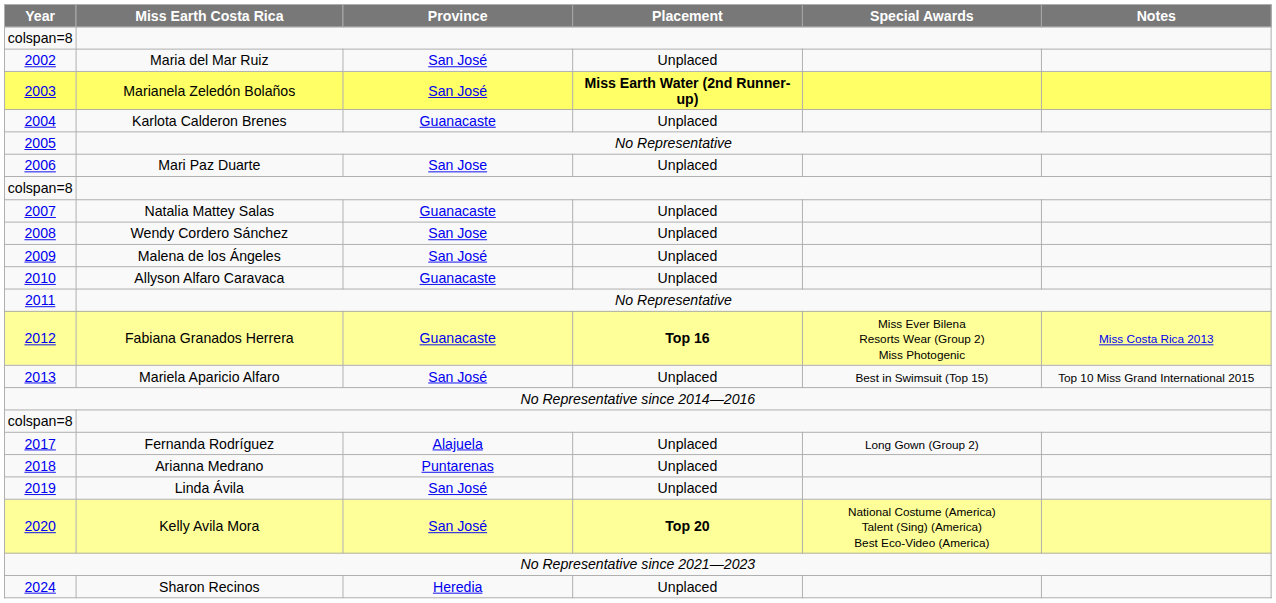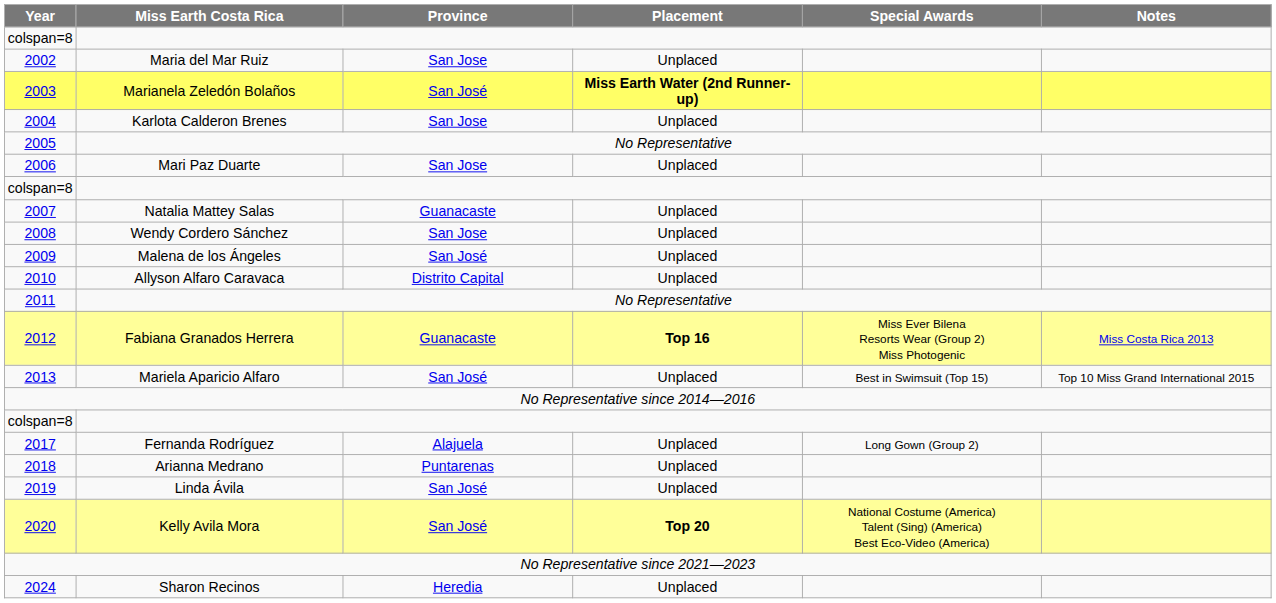 <table class="wikitable sortable" style="font-size: 95%; text-align:center">
 <tr>
 <th width="60" style="background-color:#787878;color:#FFFFFF;">Year</th>
 <th width="280" style="background-color:#787878;color:#FFFFFF;">Miss Earth Costa Rica</th>
 <th width="240" style="background-color:#787878;color:#FFFFFF;">Province</th>
 <th width="240" style="background-color:#787878;color:#FFFFFF;">Placement</th>
 <th width="250" style="background-color:#787878;color:#FFFFFF;">Special Awards</th>
 <th width="240" style="background-color:#787878;color:#FFFFFF;">Notes</th>
 </tr>
 <tr>
 <td>colspan=8 </td>
 </tr>
 <tr>
 <td><a href='#'>2002</a></td>
 <td>Maria del Mar Ruiz</td>
-<td><a href='#'>San José</a></td>
+<td><a href='#'>San Jose</a></td>
 <td>Unplaced</td>
 <td></td>
 <td></td>
 </tr>
 <tr style="background-color:#FFFF66;">
 <td><a href='#'>2003</a></td>
 <td>Marianela Zeledón Bolaños</td>
 <td><a href='#'>San José</a></td>
 <td><strong>Miss Earth Water (2nd Runner-up)</strong></td>
 <td></td>
 <td></td>
 </tr>
 <tr>
 <td><a href='#'>2004</a></td>
 <td>Karlota Calderon Brenes</td>
-<td><a href='#'>Guanacaste</a></td>
+<td><a href='#'>San Jose</a></td>
 <td>Unplaced</td>
 <td></td>
 <td></td>
 </tr>
 <tr>
 <td><a href='#'>2005</a></td>
 <td colspan="5" style="text-align:center;"><em>No Representative</em></td>
 </tr>
 <tr>
 <td><a href='#'>2006</a></td>
 <td>Mari Paz Duarte</td>
 <td><a href='#'>San Jose</a></td>
 <td>Unplaced</td>
 <td></td>
 <td></td>
 </tr>
 <tr>
 <td>colspan=8 </td>
 </tr>
 <tr>
 <td><a href='#'>2007</a></td>
 <td>Natalia Mattey Salas</td>
 <td><a href='#'>Guanacaste</a></td>
 <td>Unplaced</td>
 <td></td>
 <td></td>
 </tr>
 <tr>
 <td><a href='#'>2008</a></td>
 <td>Wendy Cordero Sánchez</td>
 <td><a href='#'>San Jose</a></td>
 <td>Unplaced</td>
 <td></td>
 <td></td>
 </tr>
 <tr>
 <td><a href='#'>2009</a></td>
 <td>Malena de los Ángeles</td>
 <td><a href='#'>San José</a></td>
 <td>Unplaced</td>
 <td></td>
 <td></td>
 </tr>
 <tr>
 <td><a href='#'>2010</a></td>
 <td>Allyson Alfaro Caravaca</td>
-<td><a href='#'>Guanacaste</a></td>
+<td><a href='#'>Distrito Capital</a></td>
 <td>Unplaced</td>
 <td></td>
 <td></td>
 </tr>
 <tr>
 <td><a href='#'>2011</a></td>
 <td colspan="5" style="text-align:center;"><em>No Representative</em></td>
 </tr>
 <tr style="background-color:#FFFF99">
 <td><a href='#'>2012</a></td>
 <td>Fabiana Granados Herrera</td>
 <td><a href='#'>Guanacaste</a></td>
 <td><strong>Top 16</strong></td>
 <td><small>Miss Ever Bilena<br> Resorts Wear (Group 2)<br> Miss Photogenic</small></td>
 <td><small><a href='#'>Miss Costa Rica 2013</a></small></td>
 </tr>
 <tr>
 <td><a href='#'>2013</a></td>
 <td>Mariela Aparicio Alfaro</td>
 <td><a href='#'>San José</a></td>
 <td>Unplaced</td>
 <td><small>Best in Swimsuit (Top 15)</small></td>
 <td><small>Top 10 Miss Grand International 2015</small></td>
 </tr>
 <tr>
 <td colspan="6" style="text-align:center;"><em>No Representative since 2014—2016</em></td>
 </tr>
 <tr>
 <td>colspan=8 </td>
 </tr>
 <tr>
 <td><a href='#'>2017</a></td>
 <td>Fernanda Rodríguez</td>
 <td><a href='#'>Alajuela</a></td>
 <td>Unplaced</td>
 <td><small> Long Gown (Group 2)</small></td>
 <td></td>
 </tr>
 <tr>
 <td><a href='#'>2018</a></td>
 <td>Arianna Medrano</td>
 <td><a href='#'>Puntarenas</a></td>
 <td>Unplaced</td>
 <td></td>
 <td></td>
 </tr>
 <tr>
 <td><a href='#'>2019</a></td>
 <td>Linda Ávila</td>
 <td><a href='#'>San José</a></td>
 <td>Unplaced</td>
 <td></td>
 <td></td>
 </tr>
 <tr style="background-color:#FFFF99">
 <td><a href='#'>2020</a></td>
 <td>Kelly Avila Mora</td>
 <td><a href='#'>San José</a></td>
 <td><strong>Top 20</strong></td>
 <td><small> National Costume (America)<br> Talent (Sing) (America)<br> Best Eco-Video (America)</small></td>
 <td></td>
 </tr>
 <tr>
 <td colspan="6" style="text-align:center;"><em>No Representative since 2021—2023</em></td>
 </tr>
 <tr>
 <td><a href='#'>2024</a></td>
 <td>Sharon Recinos</td>
 <td><a href='#'>Heredia</a></td>
 <td>Unplaced</td>
 <td></td>
 </tr>
 </table>
